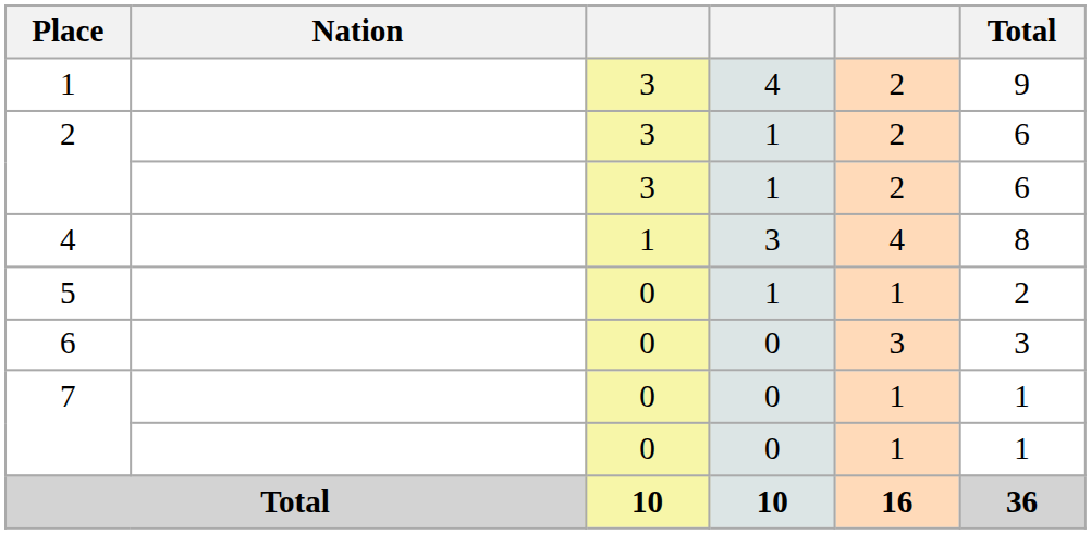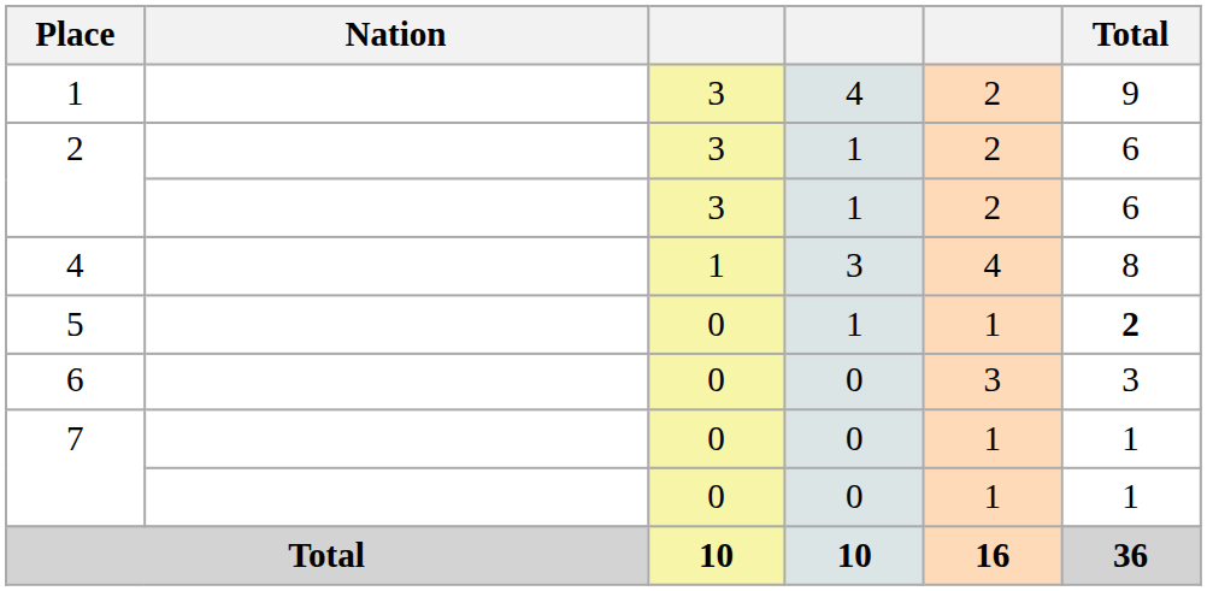 <table class=wikitable style="border:1px solid #AAAAAA;font-size:90%">
 <tr bgcolor="#EFEFEF">
 <th width=50>Place</th>
 <th width=200>Nation</th>
 <th width=50></th>
 <th width=50></th>
 <th width=50></th>
 <th width=50>Total</th>
 </tr>
 <tr align="center" valign="top" bgcolor="#FFFFFF">
 <td>1</td>
 <td align="left"></td>
 <td style="background:#F7F6A8;">3</td>
 <td style="background:#DCE5E5;">4</td>
 <td style="background:#FFDAB9;">2</td>
 <td>9</td>
 </tr>
 <tr align="center" valign="top" bgcolor="#FFFFFF">
 <td rowspan="2" valign="center">2</td>
 <td align="left"></td>
 <td style="background:#F7F6A8;">3</td>
 <td style="background:#DCE5E5;">1</td>
 <td style="background:#FFDAB9;">2</td>
 <td>6</td>
 </tr>
 <tr align="center" valign="top" bgcolor="#FFFFFF">
 <td align="left"></td>
 <td style="background:#F7F6A8;">3</td>
 <td style="background:#DCE5E5;">1</td>
 <td style="background:#FFDAB9;">2</td>
 <td>6</td>
 </tr>
 <tr align="center" valign="top" bgcolor="#FFFFFF">
 <td>4</td>
 <td align="left"></td>
 <td style="background:#F7F6A8;">1</td>
 <td style="background:#DCE5E5;">3</td>
 <td style="background:#FFDAB9;">4</td>
 <td>8</td>
 </tr>
 <tr align="center" valign="top" bgcolor="#FFFFFF">
 <td>5</td>
 <td align="left"></td>
 <td style="background:#F7F6A8;">0</td>
 <td style="background:#DCE5E5;">1</td>
 <td style="background:#FFDAB9;">1</td>
-<td>2</td>
+<td><strong>2</strong></td>
 </tr>
 <tr align="center" valign="top" bgcolor="#FFFFFF">
 <td>6</td>
 <td align="left"></td>
 <td style="background:#F7F6A8;">0</td>
 <td style="background:#DCE5E5;">0</td>
 <td style="background:#FFDAB9;">3</td>
 <td>3</td>
 </tr>
 <tr align="center" valign="top" bgcolor="#FFFFFF">
 <td rowspan="2" valign="center">7</td>
 <td align="left"></td>
 <td style="background:#F7F6A8;">0</td>
 <td style="background:#DCE5E5;">0</td>
 <td style="background:#FFDAB9;">1</td>
 <td>1</td>
 </tr>
 <tr align="center" valign="top" bgcolor="#FFFFFF">
 <td align="left"></td>
 <td style="background:#F7F6A8;">0</td>
 <td style="background:#DCE5E5;">0</td>
 <td style="background:#FFDAB9;">1</td>
 <td>1</td>
 </tr>
 <tr align="center">
 <td colspan="2" bgcolor=D3D3D3><strong>Total</strong></td>
 <td style="background:#F7F6A8;"><strong>10</strong></td>
 <td style="background:#DCE5E5;"><strong>10</strong></td>
 <td style="background:#FFDAB9;"><strong>16</strong></td>
 <td bgcolor=D3D3D3><strong>36</strong></td>
 </tr>
 </table>
